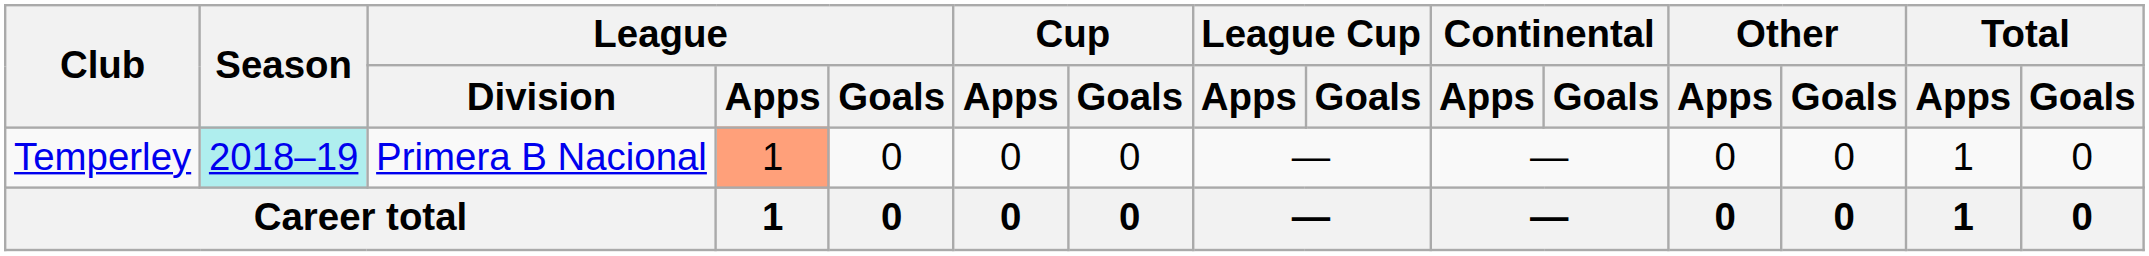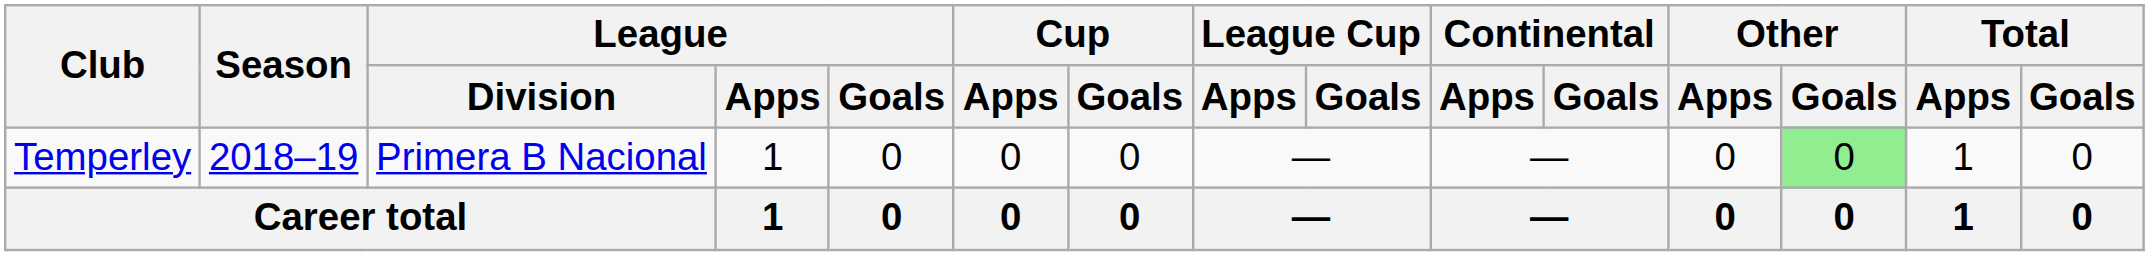 <table class="wikitable" style="text-align:center">
 <tr>
 <th rowspan="2">Club</th>
 <th rowspan="2">Season</th>
 <th colspan="3">League</th>
 <th colspan="2">Cup</th>
 <th colspan="2">League Cup</th>
 <th colspan="2">Continental</th>
 <th colspan="2">Other</th>
 <th colspan="2">Total</th>
 </tr>
 <tr>
 <th>Division</th>
 <th>Apps</th>
 <th>Goals</th>
 <th>Apps</th>
 <th>Goals</th>
 <th>Apps</th>
 <th>Goals</th>
 <th>Apps</th>
 <th>Goals</th>
 <th>Apps</th>
 <th>Goals</th>
 <th>Apps</th>
 <th>Goals</th>
 </tr>
 <tr>
 <td rowspan="1"><a href='#'>Temperley</a></td>
-<td style="background: paleturquoise;"><a href='#'>2018–19</a></td>
+<td><a href='#'>2018–19</a></td>
 <td rowspan="1"><a href='#'>Primera B Nacional</a></td>
-<td style="background: lightsalmon;">1</td>
+<td>1</td>
 <td>0</td>
 <td>0</td>
 <td>0</td>
 <td colspan="2">—</td>
 <td colspan="2">—</td>
 <td>0</td>
-<td>0</td>
+<td style="background: lightgreen;">0</td>
 <td>1</td>
 <td>0</td>
 </tr>
 <tr>
 <th colspan="3">Career total</th>
 <th>1</th>
 <th>0</th>
 <th>0</th>
 <th>0</th>
 <th colspan="2">—</th>
 <th colspan="2">—</th>
 <th>0</th>
 <th>0</th>
 <th>1</th>
 <th>0</th>
 </tr>
 </table>
